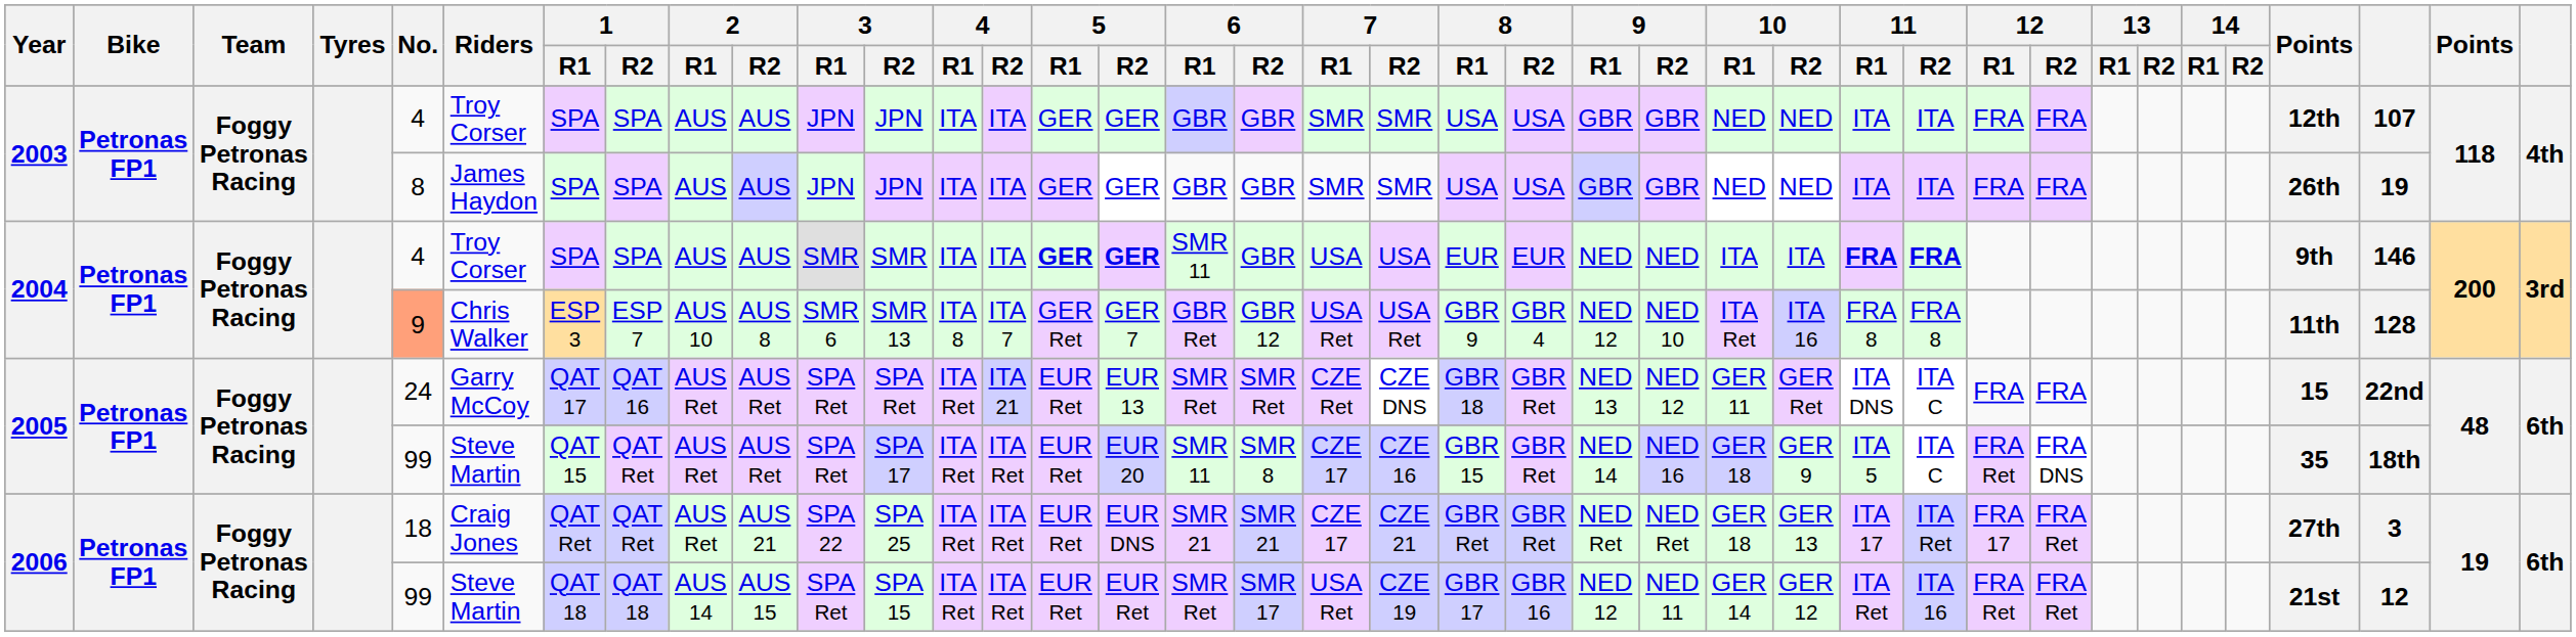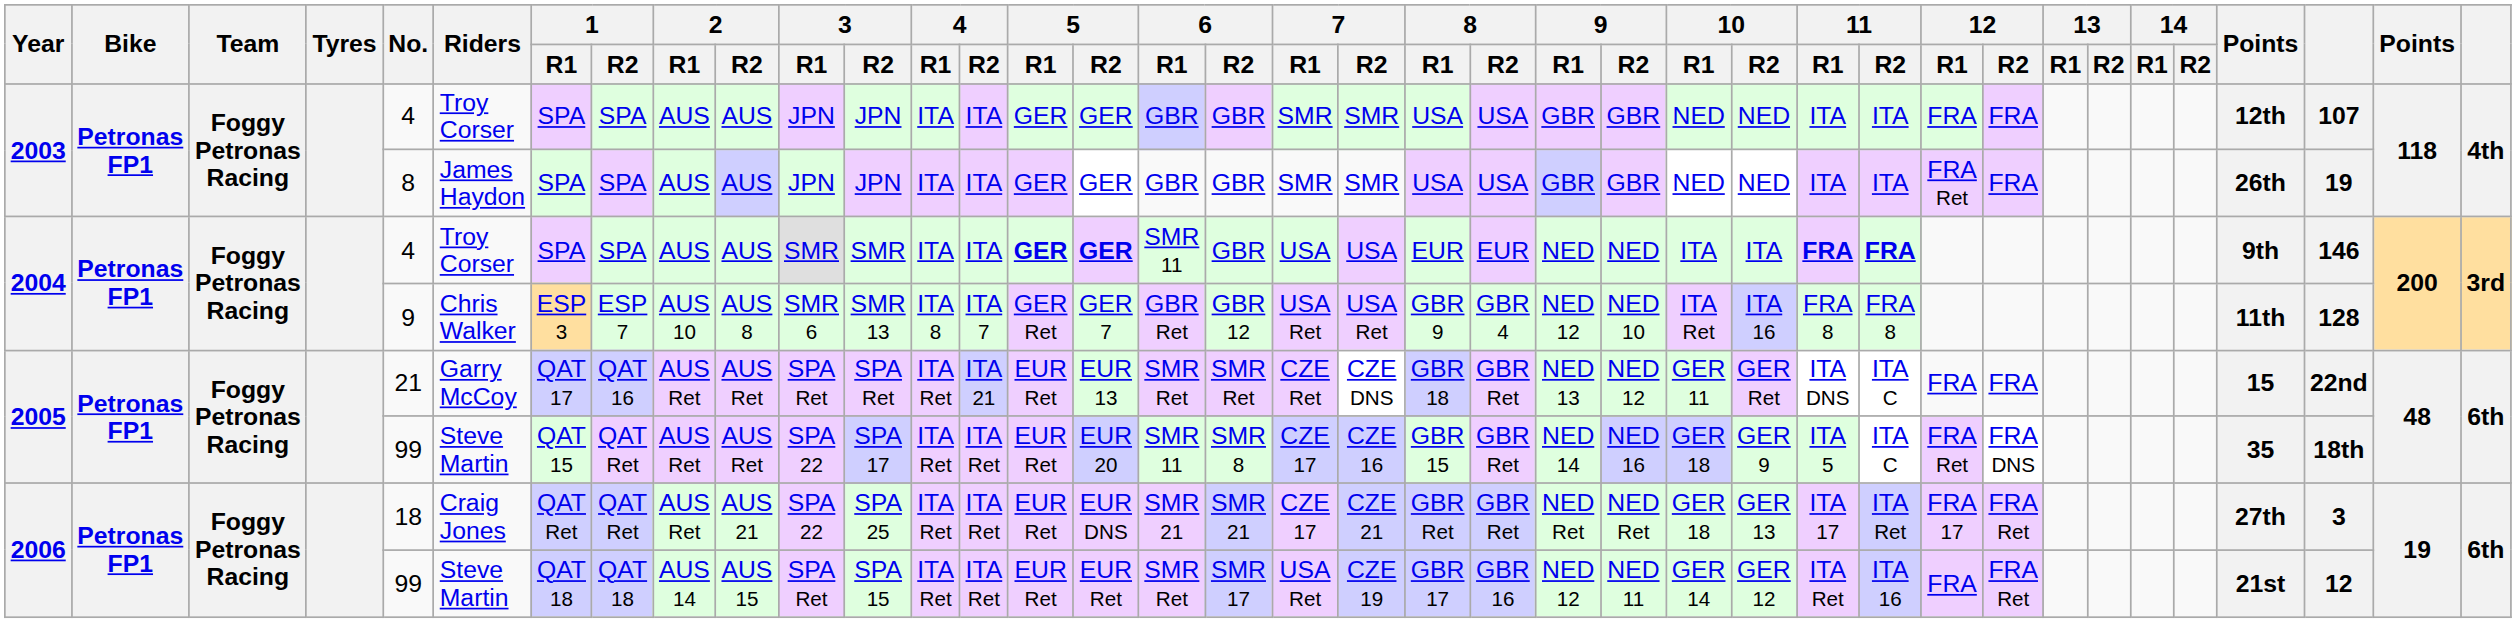 <table class="wikitable" style="text-align:center; font-size:90%">
 <tr>
 <th valign="middle" rowspan=2>Year</th>
 <th valign="middle" rowspan=2>Bike</th>
 <th valign="middle" rowspan=2>Team</th>
 <th valign="middle" rowspan=2>Tyres</th>
 <th valign="middle" rowspan=2>No.</th>
 <th valign="middle" rowspan=2>Riders</th>
 <th colspan=2>1</th>
 <th colspan=2>2</th>
 <th colspan=2>3</th>
 <th colspan=2>4</th>
 <th colspan=2>5</th>
 <th colspan=2>6</th>
 <th colspan=2>7</th>
 <th colspan=2>8</th>
 <th colspan=2>9</th>
 <th colspan=2>10</th>
 <th colspan=2>11</th>
 <th colspan=2>12</th>
 <th colspan=2>13</th>
 <th colspan=2>14</th>
 <th valign="middle" rowspan=2>Points</th>
 <th valign="middle" rowspan=2></th>
 <th valign="middle" rowspan=2>Points</th>
 <th valign="middle" rowspan=2></th>
 </tr>
 <tr>
 <th>R1</th>
 <th>R2</th>
 <th>R1</th>
 <th>R2</th>
 <th>R1</th>
 <th>R2</th>
 <th>R1</th>
 <th>R2</th>
 <th>R1</th>
 <th>R2</th>
 <th>R1</th>
 <th>R2</th>
 <th>R1</th>
 <th>R2</th>
 <th>R1</th>
 <th>R2</th>
 <th>R1</th>
 <th>R2</th>
 <th>R1</th>
 <th>R2</th>
 <th>R1</th>
 <th>R2</th>
 <th>R1</th>
 <th>R2</th>
 <th>R1</th>
 <th>R2</th>
 <th>R1</th>
 <th>R2</th>
 </tr>
 <tr>
 <th rowspan="2"><a href='#'>2003</a></th>
 <th rowspan="2"><a href='#'>Petronas FP1</a></th>
 <th rowspan="2">Foggy Petronas Racing</th>
 <th rowspan="2"></th>
 <td>4</td>
 <td align="left"> <a href='#'>Troy Corser</a></td>
 <td style="background:#efcfff;"><a href='#'>SPA</a><br></td>
 <td style="background:#dfffdf;"><a href='#'>SPA</a><br></td>
 <td style="background:#dfffdf;"><a href='#'>AUS</a><br></td>
 <td style="background:#dfffdf;"><a href='#'>AUS</a><br></td>
 <td style="background:#efcfff;"><a href='#'>JPN</a><br></td>
 <td style="background:#dfffdf;"><a href='#'>JPN</a><br></td>
 <td style="background:#dfffdf;"><a href='#'>ITA</a><br></td>
 <td style="background:#efcfff;"><a href='#'>ITA</a><br></td>
 <td style="background:#dfffdf;"><a href='#'>GER</a><br></td>
 <td style="background:#dfffdf;"><a href='#'>GER</a><br></td>
 <td style="background:#cfcfff;"><a href='#'>GBR</a><br></td>
 <td style="background:#efcfff;"><a href='#'>GBR</a><br></td>
 <td style="background:#dfffdf;"><a href='#'>SMR</a><br></td>
 <td style="background:#dfffdf;"><a href='#'>SMR</a><br></td>
 <td style="background:#dfffdf;"><a href='#'>USA</a><br></td>
 <td style="background:#efcfff;"><a href='#'>USA</a><br></td>
 <td style="background:#efcfff;"><a href='#'>GBR</a><br></td>
 <td style="background:#efcfff;"><a href='#'>GBR</a><br></td>
 <td style="background:#dfffdf;"><a href='#'>NED</a><br></td>
 <td style="background:#dfffdf;"><a href='#'>NED</a><br></td>
 <td style="background:#dfffdf;"><a href='#'>ITA</a><br></td>
 <td style="background:#dfffdf;"><a href='#'>ITA</a><br></td>
 <td style="background:#dfffdf;"><a href='#'>FRA</a><br></td>
 <td style="background:#efcfff;"><a href='#'>FRA</a><br></td>
 <td></td>
 <td></td>
 <td></td>
 <td></td>
 <th>12th</th>
 <th>107</th>
 <th rowspan="2" style="background:#;">118</th>
 <th rowspan="2" style="background:#;">4th</th>
 </tr>
 <tr>
 <td>8</td>
 <td align="left"> <a href='#'>James Haydon</a></td>
 <td style="background:#dfffdf;"><a href='#'>SPA</a><br></td>
 <td style="background:#efcfff;"><a href='#'>SPA</a><br></td>
 <td style="background:#dfffdf;"><a href='#'>AUS</a><br></td>
 <td style="background:#cfcfff;"><a href='#'>AUS</a><br></td>
 <td style="background:#dfffdf;"><a href='#'>JPN</a><br></td>
 <td style="background:#efcfff;"><a href='#'>JPN</a><br></td>
 <td style="background:#efcfff;"><a href='#'>ITA</a><br></td>
 <td style="background:#efcfff;"><a href='#'>ITA</a><br></td>
 <td style="background:#efcfff;"><a href='#'>GER</a><br></td>
 <td style="background:#ffffff;"><a href='#'>GER</a><br></td>
 <td style="background:#;"><a href='#'>GBR</a><br></td>
 <td style="background:#;"><a href='#'>GBR</a><br></td>
 <td style="background:#;"><a href='#'>SMR</a><br></td>
 <td style="background:#;"><a href='#'>SMR</a><br></td>
 <td style="background:#efcfff;"><a href='#'>USA</a><br></td>
 <td style="background:#efcfff;"><a href='#'>USA</a><br></td>
 <td style="background:#cfcfff;"><a href='#'>GBR</a><br></td>
 <td style="background:#efcfff;"><a href='#'>GBR</a><br></td>
 <td style="background:#ffffff;"><a href='#'>NED</a><br></td>
 <td style="background:#ffffff;"><a href='#'>NED</a><br></td>
 <td style="background:#efcfff;"><a href='#'>ITA</a><br></td>
 <td style="background:#efcfff;"><a href='#'>ITA</a><br></td>
-<td style="background:#efcfff;"><a href='#'>FRA</a><br></td>
+<td style="background:#EFCFFF;"><a href='#'>FRA</a><br><small>Ret</small></td>
 <td style="background:#efcfff;"><a href='#'>FRA</a><br></td>
 <td></td>
 <td></td>
 <td></td>
 <td></td>
 <th>26th</th>
 <th>19</th>
 </tr>
 <tr>
 <th rowspan="2"><a href='#'>2004</a></th>
 <th rowspan="2"><a href='#'>Petronas FP1</a></th>
 <th rowspan="2">Foggy Petronas Racing</th>
 <th rowspan="2"></th>
 <td>4</td>
 <td align="left"> <a href='#'>Troy Corser</a></td>
 <td style="background:#efcfff;"><a href='#'>SPA</a><br></td>
 <td style="background:#dfffdf;"><a href='#'>SPA</a><br></td>
 <td style="background:#dfffdf;"><a href='#'>AUS</a><br></td>
 <td style="background:#dfffdf;"><a href='#'>AUS</a><br></td>
 <td style="background:#DFDFDF;"><a href='#'>SMR</a><br></td>
 <td style="background:#dfffdf;"><a href='#'>SMR</a><br></td>
 <td style="background:#dfffdf;"><a href='#'>ITA</a><br></td>
 <td style="background:#dfffdf;"><a href='#'>ITA</a><br></td>
 <td style="background:#dfffdf;"><strong><a href='#'>GER</a></strong><br></td>
 <td style="background:#efcfff;"><strong><a href='#'>GER</a></strong><br></td>
 <td style="background:#DFFFDF;"><a href='#'>SMR</a><br><small>11</small></td>
 <td style="background:#dfffdf;"><a href='#'>GBR</a><br></td>
 <td style="background:#dfffdf;"><a href='#'>USA</a><br></td>
 <td style="background:#efcfff;"><a href='#'>USA</a><br></td>
 <td style="background:#dfffdf;"><a href='#'>EUR</a><br></td>
 <td style="background:#efcfff;"><a href='#'>EUR</a><br></td>
 <td style="background:#dfffdf;"><a href='#'>NED</a><br></td>
 <td style="background:#dfffdf;"><a href='#'>NED</a><br></td>
 <td style="background:#dfffdf;"><a href='#'>ITA</a><br></td>
 <td style="background:#dfffdf;"><a href='#'>ITA</a><br></td>
 <td style="background:#efcfff;"><strong><a href='#'>FRA</a></strong><br></td>
 <td style="background:#dfffdf;"><strong><a href='#'>FRA</a></strong><br></td>
 <td></td>
 <td></td>
 <td></td>
 <td></td>
 <td></td>
 <td></td>
 <th>9th</th>
 <th>146</th>
 <th rowspan="2" style="background:#ffdf9f;">200</th>
 <th rowspan="2" style="background:#ffdf9f;">3rd</th>
 </tr>
 <tr>
-<td style="background: lightsalmon;">9</td>
+<td>9</td>
 <td align="left"> <a href='#'>Chris Walker</a></td>
 <td style="background:#FFDF9F;"><a href='#'>ESP</a><br><small>3</small></td>
 <td style="background:#DFFFDF;"><a href='#'>ESP</a><br><small>7</small></td>
 <td style="background:#DFFFDF;"><a href='#'>AUS</a><br><small>10</small></td>
 <td style="background:#DFFFDF;"><a href='#'>AUS</a><br><small>8</small></td>
 <td style="background:#DFFFDF;"><a href='#'>SMR</a><br><small>6</small></td>
 <td style="background:#DFFFDF;"><a href='#'>SMR</a><br><small>13</small></td>
 <td style="background:#DFFFDF;"><a href='#'>ITA</a><br><small>8</small></td>
 <td style="background:#DFFFDF;"><a href='#'>ITA</a><br><small>7</small></td>
 <td style="background:#EFCFFF;"><a href='#'>GER</a><br><small>Ret</small></td>
 <td style="background:#DFFFDF;"><a href='#'>GER</a><br><small>7</small></td>
 <td style="background:#EFCFFF;"><a href='#'>GBR</a><br><small>Ret</small></td>
 <td style="background:#DFFFDF;"><a href='#'>GBR</a><br><small>12</small></td>
 <td style="background:#EFCFFF;"><a href='#'>USA</a><br><small>Ret</small></td>
 <td style="background:#EFCFFF;"><a href='#'>USA</a><br><small>Ret</small></td>
 <td style="background:#DFFFDF;"><a href='#'>GBR</a><br><small>9</small></td>
 <td style="background:#DFFFDF;"><a href='#'>GBR</a><br><small>4</small></td>
 <td style="background:#DFFFDF;"><a href='#'>NED</a><br><small>12</small></td>
 <td style="background:#DFFFDF;"><a href='#'>NED</a><br><small>10</small></td>
 <td style="background:#EFCFFF;"><a href='#'>ITA</a><br><small>Ret</small></td>
 <td style="background:#CFCFFF;"><a href='#'>ITA</a><br><small>16</small></td>
 <td style="background:#DFFFDF;"><a href='#'>FRA</a><br><small>8</small></td>
 <td style="background:#DFFFDF;"><a href='#'>FRA</a><br><small>8</small></td>
 <td></td>
 <td></td>
 <td></td>
 <td></td>
 <td></td>
 <td></td>
 <th>11th</th>
 <th>128</th>
 </tr>
 <tr>
 <th rowspan="2"><a href='#'>2005</a></th>
 <th rowspan="2"><a href='#'>Petronas FP1</a></th>
 <th rowspan="2">Foggy Petronas Racing</th>
 <th rowspan="2"></th>
-<td>24</td>
+<td>21</td>
 <td align="left"> <a href='#'>Garry McCoy</a></td>
 <td style="background:#cfcfff;"><a href='#'>QAT</a><br><small>17</small></td>
 <td style="background:#cfcfff;"><a href='#'>QAT</a><br><small>16</small></td>
 <td style="background:#efcfff;"><a href='#'>AUS</a><br><small>Ret</small></td>
 <td style="background:#efcfff;"><a href='#'>AUS</a><br><small>Ret</small></td>
 <td style="background:#efcfff;"><a href='#'>SPA</a><br><small>Ret</small></td>
 <td style="background:#efcfff;"><a href='#'>SPA</a><br><small>Ret</small></td>
 <td style="background:#efcfff;"><a href='#'>ITA</a><br><small>Ret</small></td>
 <td style="background:#cfcfff;"><a href='#'>ITA</a><br><small>21</small></td>
 <td style="background:#efcfff;"><a href='#'>EUR</a><br><small>Ret</small></td>
 <td style="background:#dfffdf;"><a href='#'>EUR</a><br><small>13</small></td>
 <td style="background:#efcfff;"><a href='#'>SMR</a><br><small>Ret</small></td>
 <td style="background:#efcfff;"><a href='#'>SMR</a><br><small>Ret</small></td>
 <td style="background:#efcfff;"><a href='#'>CZE</a><br><small>Ret</small></td>
 <td style="background:#ffffff;"><a href='#'>CZE</a><br><small>DNS</small></td>
 <td style="background:#cfcfff;"><a href='#'>GBR</a><br><small>18</small></td>
 <td style="background:#efcfff;"><a href='#'>GBR</a><br><small>Ret</small></td>
 <td style="background:#dfffdf;"><a href='#'>NED</a><br><small>13</small></td>
 <td style="background:#dfffdf;"><a href='#'>NED</a><br><small>12</small></td>
 <td style="background:#dfffdf;"><a href='#'>GER</a><br><small>11</small></td>
 <td style="background:#efcfff;"><a href='#'>GER</a><br><small>Ret</small></td>
 <td style="background:#ffffff;"><a href='#'>ITA</a><br><small>DNS</small></td>
 <td style="background:#ffffff;"><a href='#'>ITA</a><br><small>C</small></td>
 <td style="background:#;"><a href='#'>FRA</a><br><small></small></td>
 <td style="background:#;"><a href='#'>FRA</a><br><small></small></td>
 <td></td>
 <td></td>
 <td></td>
 <td></td>
 <th style="background:#;">15</th>
 <th style="background:#;">22nd</th>
 <th rowspan="2" style="background:#;">48</th>
 <th rowspan="2" style="background:#;">6th</th>
 </tr>
 <tr>
 <td>99</td>
 <td align="left"> <a href='#'>Steve Martin</a></td>
 <td style="background:#DFFFDF;"><a href='#'>QAT</a><br><small>15</small></td>
 <td style="background:#EFCFFF;"><a href='#'>QAT</a><br><small>Ret</small></td>
 <td style="background:#EFCFFF;"><a href='#'>AUS</a><br><small>Ret</small></td>
 <td style="background:#EFCFFF;"><a href='#'>AUS</a><br><small>Ret</small></td>
-<td style="background:#EFCFFF;"><a href='#'>SPA</a><br><small>Ret</small></td>
+<td style="background:#EFCFFF;"><a href='#'>SPA</a><br><small>22</small></td>
 <td style="background:#CFCFFF;"><a href='#'>SPA</a><br><small>17</small></td>
 <td style="background:#EFCFFF;"><a href='#'>ITA</a><br><small>Ret</small></td>
 <td style="background:#EFCFFF;"><a href='#'>ITA</a><br><small>Ret</small></td>
 <td style="background:#EFCFFF;"><a href='#'>EUR</a><br><small>Ret</small></td>
 <td style="background:#CFCFFF;"><a href='#'>EUR</a><br><small>20</small></td>
 <td style="background:#DFFFDF;"><a href='#'>SMR</a><br><small>11</small></td>
 <td style="background:#DFFFDF;"><a href='#'>SMR</a><br><small>8</small></td>
 <td style="background:#CFCFFF;"><a href='#'>CZE</a><br><small>17</small></td>
 <td style="background:#CFCFFF;"><a href='#'>CZE</a><br><small>16</small></td>
 <td style="background:#DFFFDF;"><a href='#'>GBR</a><br><small>15</small></td>
 <td style="background:#EFCFFF;"><a href='#'>GBR</a><br><small>Ret</small></td>
 <td style="background:#DFFFDF;"><a href='#'>NED</a><br><small>14</small></td>
 <td style="background:#CFCFFF;"><a href='#'>NED</a><br><small>16</small></td>
 <td style="background:#CFCFFF;"><a href='#'>GER</a><br><small>18</small></td>
 <td style="background:#DFFFDF;"><a href='#'>GER</a><br><small>9</small></td>
 <td style="background:#DFFFDF;"><a href='#'>ITA</a><br><small>5</small></td>
 <td style="background:#FFFFFF;"><a href='#'>ITA</a><br><small>C</small></td>
 <td style="background:#EFCFFF;"><a href='#'>FRA</a><br><small>Ret</small></td>
 <td style="background:#FFFFFF;"><a href='#'>FRA</a><br><small>DNS</small></td>
 <td></td>
 <td></td>
 <td></td>
 <td></td>
 <th style="background:#;">35</th>
 <th style="background:#;">18th</th>
 </tr>
 <tr>
 <th rowspan="2"><a href='#'>2006</a></th>
 <th rowspan="2"><a href='#'>Petronas FP1</a></th>
 <th rowspan="2">Foggy Petronas Racing</th>
 <th rowspan="2"></th>
 <td>18</td>
 <td align="left"> <a href='#'>Craig Jones</a></td>
 <td style="background:#CFCFFF;"><a href='#'>QAT</a><br><small>Ret</small></td>
 <td style="background:#CFCFFF;"><a href='#'>QAT</a><br><small>Ret</small></td>
 <td style="background:#DFFFDF;"><a href='#'>AUS</a><br><small>Ret</small></td>
 <td style="background:#DFFFDF;"><a href='#'>AUS</a><br><small>21</small></td>
 <td style="background:#EFCFFF;"><a href='#'>SPA</a><br><small>22</small></td>
 <td style="background:#DFFFDF;"><a href='#'>SPA</a><br><small>25</small></td>
 <td style="background:#EFCFFF;"><a href='#'>ITA</a><br><small>Ret</small></td>
 <td style="background:#EFCFFF;"><a href='#'>ITA</a><br><small>Ret</small></td>
 <td style="background:#EFCFFF;"><a href='#'>EUR</a><br><small>Ret</small></td>
 <td style="background:#EFCFFF;"><a href='#'>EUR</a><br><small>DNS</small></td>
 <td style="background:#EFCFFF;"><a href='#'>SMR</a><br><small>21</small></td>
 <td style="background:#CFCFFF;"><a href='#'>SMR</a><br><small>21</small></td>
 <td style="background:#EFCFFF;"><a href='#'>CZE</a><br><small>17</small></td>
 <td style="background:#CFCFFF;"><a href='#'>CZE</a><br><small>21</small></td>
 <td style="background:#CFCFFF;"><a href='#'>GBR</a><br><small>Ret</small></td>
 <td style="background:#CFCFFF;"><a href='#'>GBR</a><br><small>Ret</small></td>
 <td style="background:#DFFFDF;"><a href='#'>NED</a><br><small>Ret</small></td>
 <td style="background:#DFFFDF;"><a href='#'>NED</a><br><small>Ret</small></td>
 <td style="background:#DFFFDF;"><a href='#'>GER</a><br><small>18</small></td>
 <td style="background:#DFFFDF;"><a href='#'>GER</a><br><small>13</small></td>
 <td style="background:#EFCFFF;"><a href='#'>ITA</a><br><small>17</small></td>
 <td style="background:#CFCFFF;"><a href='#'>ITA</a><br><small>Ret</small></td>
 <td style="background:#EFCFFF;"><a href='#'>FRA</a><br><small>17</small></td>
 <td style="background:#EFCFFF;"><a href='#'>FRA</a><br><small>Ret</small></td>
 <td></td>
 <td></td>
 <td></td>
 <td></td>
 <th>27th</th>
 <th>3</th>
 <th rowspan="2" style="background:#;">19</th>
 <th rowspan="2" style="background:#;">6th</th>
 </tr>
 <tr>
 <td>99</td>
 <td align="left"> <a href='#'>Steve Martin</a></td>
 <td style="background:#CFCFFF;"><a href='#'>QAT</a><br><small>18</small></td>
 <td style="background:#CFCFFF;"><a href='#'>QAT</a><br><small>18</small></td>
 <td style="background:#DFFFDF;"><a href='#'>AUS</a><br><small>14</small></td>
 <td style="background:#DFFFDF;"><a href='#'>AUS</a><br><small>15</small></td>
 <td style="background:#EFCFFF;"><a href='#'>SPA</a><br><small>Ret</small></td>
 <td style="background:#DFFFDF;"><a href='#'>SPA</a><br><small>15</small></td>
 <td style="background:#EFCFFF;"><a href='#'>ITA</a><br><small>Ret</small></td>
 <td style="background:#EFCFFF;"><a href='#'>ITA</a><br><small>Ret</small></td>
 <td style="background:#EFCFFF;"><a href='#'>EUR</a><br><small>Ret</small></td>
 <td style="background:#EFCFFF;"><a href='#'>EUR</a><br><small>Ret</small></td>
 <td style="background:#EFCFFF;"><a href='#'>SMR</a><br><small>Ret</small></td>
 <td style="background:#CFCFFF;"><a href='#'>SMR</a><br><small>17</small></td>
 <td style="background:#EFCFFF;"><a href='#'>USA</a><br><small>Ret</small></td>
 <td style="background:#CFCFFF;"><a href='#'>CZE</a><br><small>19</small></td>
 <td style="background:#CFCFFF;"><a href='#'>GBR</a><br><small>17</small></td>
 <td style="background:#CFCFFF;"><a href='#'>GBR</a><br><small>16</small></td>
 <td style="background:#DFFFDF;"><a href='#'>NED</a><br><small>12</small></td>
 <td style="background:#DFFFDF;"><a href='#'>NED</a><br><small>11</small></td>
 <td style="background:#DFFFDF;"><a href='#'>GER</a><br><small>14</small></td>
 <td style="background:#DFFFDF;"><a href='#'>GER</a><br><small>12</small></td>
 <td style="background:#EFCFFF;"><a href='#'>ITA</a><br><small>Ret</small></td>
 <td style="background:#CFCFFF;"><a href='#'>ITA</a><br><small>16</small></td>
-<td style="background:#EFCFFF;"><a href='#'>FRA</a><br><small>Ret</small></td>
+<td style="background:#efcfff;"><a href='#'>FRA</a><br></td>
 <td style="background:#EFCFFF;"><a href='#'>FRA</a><br><small>Ret</small></td>
 <td></td>
 <td></td>
 <td></td>
 <td></td>
 <th>21st</th>
 <th>12</th>
 </tr>
 </table>
